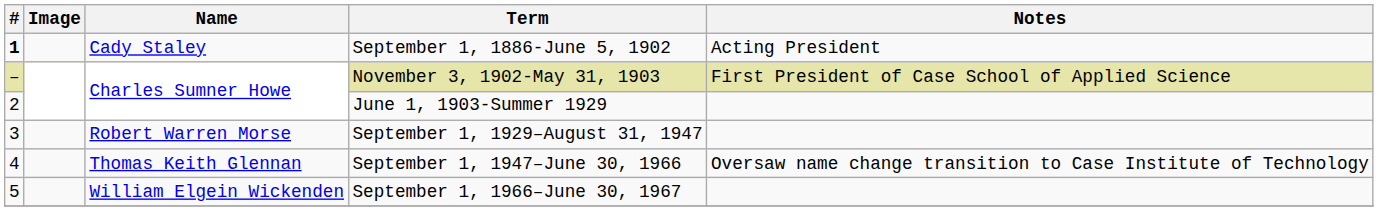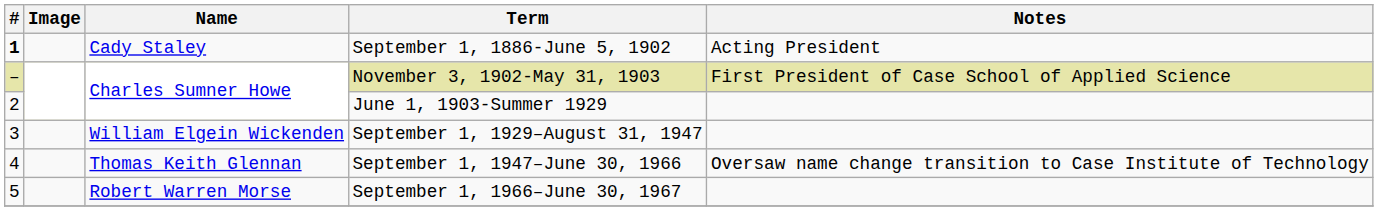 <table class=wikitable>
 <tr>
 <th>#</th>
 <th>Image</th>
 <th>Name</th>
 <th>Term</th>
 <th>Notes</th>
 </tr>
 <tr>
 <td><strong>1</strong></td>
 <td></td>
 <td><a href='#'>Cady Staley</a></td>
 <td>September 1, 1886-June 5, 1902</td>
 <td>Acting President</td>
 </tr>
 <tr bgcolor="#e6e6aa">
 <td>–</td>
 <td rowspan="2" bgcolor="#ffffff"></td>
 <td rowspan="2" bgcolor="#ffffff"><a href='#'>Charles Sumner Howe</a></td>
 <td>November 3, 1902-May 31, 1903</td>
 <td>First President of Case School of Applied Science </td>
 </tr>
 <tr>
 <td>2</td>
 <td>June 1, 1903-Summer 1929</td>
 <td></td>
 </tr>
 <tr>
 <td>3</td>
 <td></td>
-<td><a href='#'>Robert Warren Morse</a></td>
+<td><a href='#'>William Elgein Wickenden</a></td>
 <td>September 1, 1929–August 31, 1947</td>
 <td></td>
 </tr>
 <tr>
 <td>4</td>
 <td></td>
 <td><a href='#'>Thomas Keith Glennan</a></td>
 <td>September 1, 1947–June 30, 1966</td>
 <td>Oversaw name change transition to Case Institute of Technology</td>
 </tr>
 <tr>
 <td>5</td>
 <td></td>
-<td><a href='#'>William Elgein Wickenden</a></td>
+<td><a href='#'>Robert Warren Morse</a></td>
 <td>September 1, 1966–June 30, 1967</td>
 <td></td>
 </tr>
 <tr>
 </tr>
 </table>
